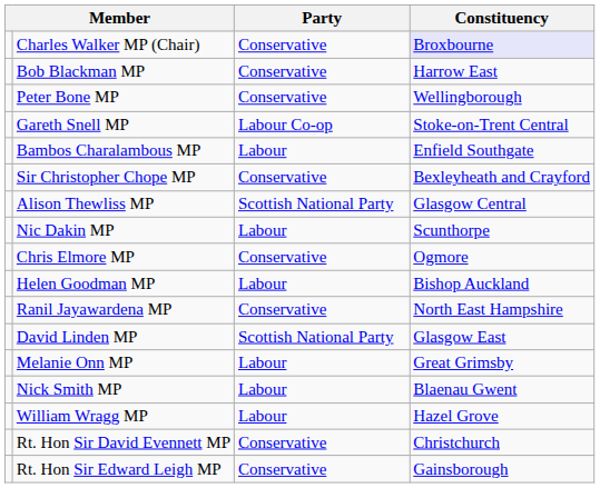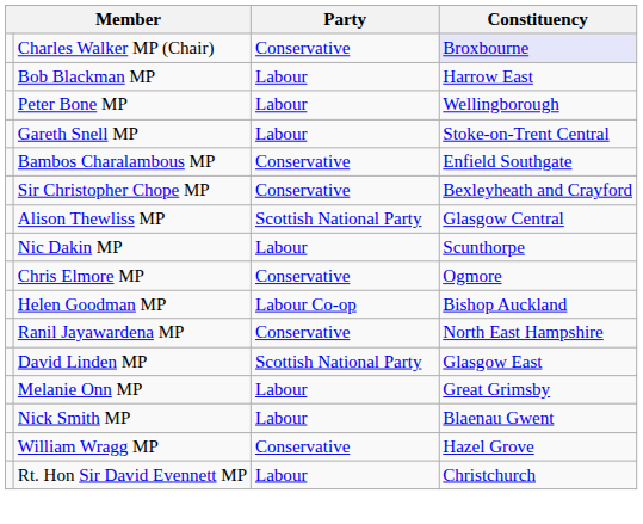 <table class="wikitable">
 <tr>
 <th width="160px" colspan="2" valign="top">Member</th>
 <th width="160px" valign="top">Party</th>
 <th valign="top">Constituency</th>
 </tr>
 <tr>
 <td style="color:inherit;background:"></td>
 <td><a href='#'>Charles Walker</a> MP (Chair)</td>
 <td><a href='#'>Conservative</a></td>
 <td style="background: lavender;"><a href='#'>Broxbourne</a></td>
 </tr>
 <tr>
 <td style="color:inherit;background:"></td>
 <td><a href='#'>Bob Blackman</a> MP</td>
-<td><a href='#'>Conservative</a></td>
+<td><a href='#'>Labour</a></td>
 <td><a href='#'>Harrow East</a></td>
 </tr>
 <tr>
 <td style="color:inherit;background:"></td>
 <td><a href='#'>Peter Bone</a> MP</td>
-<td><a href='#'>Conservative</a></td>
+<td><a href='#'>Labour</a></td>
 <td><a href='#'>Wellingborough</a></td>
 </tr>
 <tr>
 <td style="color:inherit;background:"></td>
 <td><a href='#'>Gareth Snell</a> MP</td>
-<td><a href='#'>Labour Co-op</a></td>
+<td><a href='#'>Labour</a></td>
 <td><a href='#'>Stoke-on-Trent Central</a></td>
 </tr>
 <tr>
 <td style="color:inherit;background:"></td>
 <td><a href='#'>Bambos Charalambous</a> MP</td>
-<td><a href='#'>Labour</a></td>
+<td><a href='#'>Conservative</a></td>
 <td><a href='#'>Enfield Southgate</a></td>
 </tr>
 <tr>
 <td style="color:inherit;background:"></td>
 <td><a href='#'>Sir Christopher Chope</a> MP</td>
 <td><a href='#'>Conservative</a></td>
 <td><a href='#'>Bexleyheath and Crayford</a></td>
 </tr>
 <tr>
 <td style="color:inherit;background:"></td>
 <td><a href='#'>Alison Thewliss</a> MP</td>
 <td><a href='#'>Scottish National Party</a></td>
 <td><a href='#'>Glasgow Central</a></td>
 </tr>
 <tr>
 <td style="color:inherit;background:"></td>
 <td><a href='#'>Nic Dakin</a> MP</td>
 <td><a href='#'>Labour</a></td>
 <td><a href='#'>Scunthorpe</a></td>
 </tr>
 <tr>
 <td style="color:inherit;background:"></td>
 <td><a href='#'>Chris Elmore</a> MP</td>
 <td><a href='#'>Conservative</a></td>
 <td><a href='#'>Ogmore</a></td>
 </tr>
 <tr>
 <td style="color:inherit;background:"></td>
 <td><a href='#'>Helen Goodman</a> MP</td>
-<td><a href='#'>Labour</a></td>
+<td><a href='#'>Labour Co-op</a></td>
 <td><a href='#'>Bishop Auckland</a></td>
 </tr>
 <tr>
 <td style="color:inherit;background:"></td>
 <td><a href='#'>Ranil Jayawardena</a> MP</td>
 <td><a href='#'>Conservative</a></td>
 <td><a href='#'>North East Hampshire</a></td>
 </tr>
 <tr>
 <td style="color:inherit;background:"></td>
 <td><a href='#'>David Linden</a> MP</td>
 <td><a href='#'>Scottish National Party</a></td>
 <td><a href='#'>Glasgow East</a></td>
 </tr>
 <tr>
 <td style="color:inherit;background:"></td>
 <td><a href='#'>Melanie Onn</a> MP</td>
 <td><a href='#'>Labour</a></td>
 <td><a href='#'>Great Grimsby</a></td>
 </tr>
 <tr>
 <td style="color:inherit;background:"></td>
 <td><a href='#'>Nick Smith</a> MP</td>
 <td><a href='#'>Labour</a></td>
 <td><a href='#'>Blaenau Gwent</a></td>
 </tr>
 <tr>
 <td style="color:inherit;background:"></td>
 <td><a href='#'>William Wragg</a> MP</td>
-<td><a href='#'>Labour</a></td>
+<td><a href='#'>Conservative</a></td>
 <td><a href='#'>Hazel Grove</a></td>
 </tr>
 <tr>
 <td style="color:inherit;background:"></td>
 <td>Rt. Hon <a href='#'>Sir David Evennett</a> MP</td>
-<td><a href='#'>Conservative</a></td>
+<td><a href='#'>Labour</a></td>
 <td><a href='#'>Christchurch</a></td>
 </tr>
-<tr>
-<td style="color:inherit;background:"></td>
-<td>Rt. Hon <a href='#'>Sir Edward Leigh</a> MP</td>
-<td><a href='#'>Conservative</a></td>
-<td><a href='#'>Gainsborough</a></td>
-</tr>
 </table>
